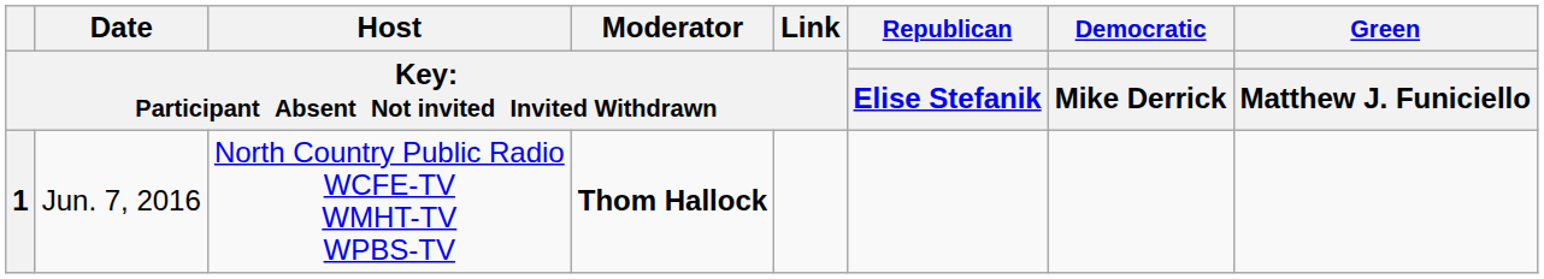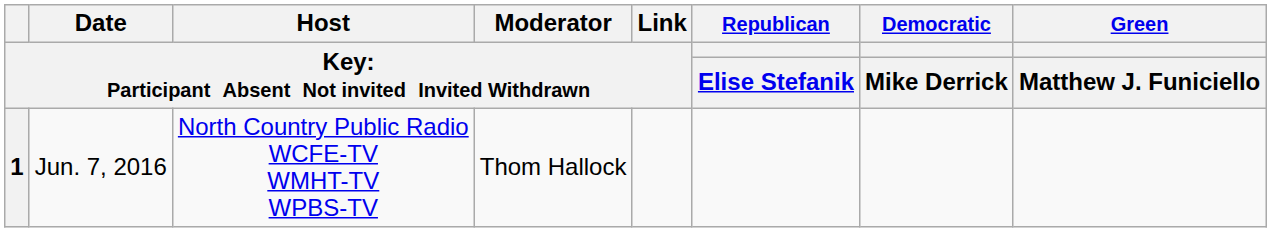 <table class="wikitable" style="text-align:center;">
 <tr>
 <th scope="col"></th>
 <th scope="col">Date</th>
 <th scope="col">Host</th>
 <th scope="col">Moderator</th>
 <th scope="col">Link</th>
 <th scope="col"><small><a href='#'>Republican</a></small></th>
 <th scope="col"><small><a href='#'>Democratic</a></small></th>
 <th scope="col"><small><a href='#'>Green</a></small></th>
 </tr>
 <tr>
 <th colspan="5" rowspan="2">Key:<br> <small>Participant </small>  <small>Absent </small>  <small>Not invited </small>  <small>Invited  Withdrawn</small></th>
 <th scope="col" style="background:"></th>
 <th scope="col" style="background:"></th>
 <th scope="col" style="background:"></th>
 </tr>
 <tr>
 <th scope="col"><a href='#'>Elise Stefanik</a></th>
 <th scope="col">Mike Derrick</th>
 <th scope="col">Matthew J. Funiciello</th>
 </tr>
 <tr>
 <th>1</th>
 <td style="white-space:nowrap;">Jun. 7, 2016</td>
 <td style="white-space:nowrap;"><a href='#'>North Country Public Radio</a><br><a href='#'>WCFE-TV</a><br><a href='#'>WMHT-TV</a><br><a href='#'>WPBS-TV</a></td>
-<td style="white-space:nowrap;"><strong>Thom Hallock</strong></td>
+<td style="white-space:nowrap;">Thom Hallock</td>
 <td style="white-space:nowrap;"></td>
 <td></td>
 <td></td>
 <td></td>
 </tr>
 </table>
